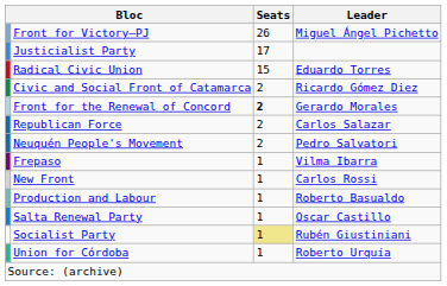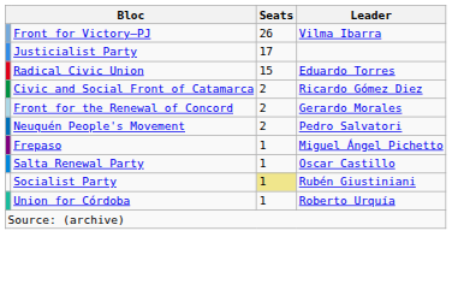 <table class="wikitable">
 <tr>
 <th colspan="2">Bloc</th>
 <th>Seats</th>
 <th>Leader</th>
 </tr>
 <tr>
 <td style="background-color: #75AADB"></td>
 <td><a href='#'>Front for Victory–PJ</a></td>
 <td>26</td>
-<td><a href='#'>Miguel Ángel Pichetto</a></td>
+<td><a href='#'>Vilma Ibarra</a></td>
 </tr>
 <tr>
 <td style="background-color: #318CE7"></td>
 <td><a href='#'>Justicialist Party</a></td>
 <td>17</td>
 <td></td>
 </tr>
 <tr>
 <td style="background-color: #E10019"></td>
 <td><a href='#'>Radical Civic Union</a></td>
 <td>15</td>
 <td><a href='#'>Eduardo Torres</a></td>
 </tr>
 <tr>
 <td style="background-color: #009241"></td>
 <td><a href='#'>Civic and Social Front of Catamarca</a></td>
 <td>2</td>
 <td><a href='#'>Ricardo Gómez Diez</a></td>
 </tr>
 <tr>
 <td style="background-color: #ADD8E6"></td>
 <td><a href='#'>Front for the Renewal of Concord</a></td>
-<td><strong>2</strong></td>
+<td>2</td>
 <td><a href='#'>Gerardo Morales</a></td>
-</tr>
-<tr>
-<td style="background-color: #0070B8"></td>
-<td><a href='#'>Republican Force</a></td>
-<td>2</td>
-<td><a href='#'>Carlos Salazar</a></td>
 </tr>
 <tr>
 <td style="background-color: #0070b8"></td>
 <td><a href='#'>Neuquén People's Movement</a></td>
 <td>2</td>
 <td><a href='#'>Pedro Salvatori</a></td>
 </tr>
 <tr>
 <td style="background-color: purple"></td>
 <td><a href='#'>Frepaso</a></td>
 <td>1</td>
-<td><a href='#'>Vilma Ibarra</a></td>
-</tr>
-<tr>
-<td style="background-color: #D3D3D3"></td>
-<td><a href='#'>New Front</a></td>
-<td>1</td>
-<td><a href='#'>Carlos Rossi</a></td>
-</tr>
-<tr>
-<td style="background-color: #6bbeb6"></td>
-<td><a href='#'>Production and Labour</a></td>
-<td>1</td>
-<td><a href='#'>Roberto Basualdo</a></td>
+<td><a href='#'>Miguel Ángel Pichetto</a></td>
 </tr>
 <tr>
 <td style="background-color: #0087DC"></td>
 <td><a href='#'>Salta Renewal Party</a></td>
 <td>1</td>
 <td><a href='#'>Oscar Castillo</a></td>
 </tr>
 <tr>
 <td style="background-color: "></td>
 <td><a href='#'>Socialist Party</a></td>
 <td style="background: khaki;">1</td>
 <td><a href='#'>Rubén Giustiniani</a></td>
 </tr>
 <tr>
 <td style="background-color: #19bc9d"></td>
 <td><a href='#'>Union for Córdoba</a></td>
 <td>1</td>
 <td><a href='#'>Roberto Urquía</a></td>
 </tr>
 <tr>
 <td colspan=4>Source:  (archive)</td>
 </tr>
 </table>
